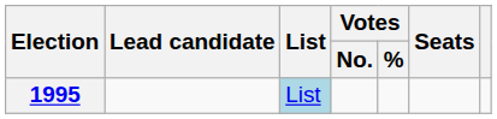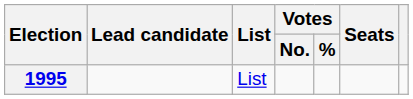 <table class="wikitable" style="text-align:right">
 <tr>
 <th rowspan=2 scope="col">Election</th>
 <th rowspan=2 scope="col">Lead candidate</th>
 <th rowspan=2 scope="col">List</th>
 <th colspan=2 scope="col">Votes</th>
 <th rowspan=2 scope="col">Seats</th>
 <th scope="col" rowspan=2 class="unsortable"></th>
 </tr>
 <tr>
 <th>No.</th>
 <th>%</th>
 </tr>
 <tr>
 <th scope="row"><a href='#'>1995</a></th>
 <td align="left"></td>
-<td align="left" style="background: lightblue;"><a href='#'>List</a></td>
+<td align="left"><a href='#'>List</a></td>
 <td></td>
 <td></td>
 <td></td>
 <td align="left"></td>
 </tr>
 </table>
